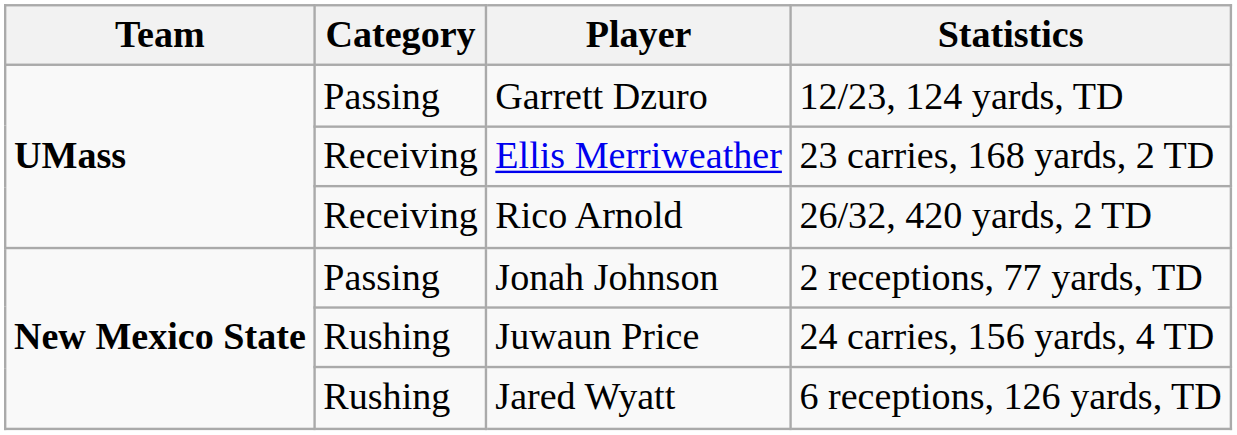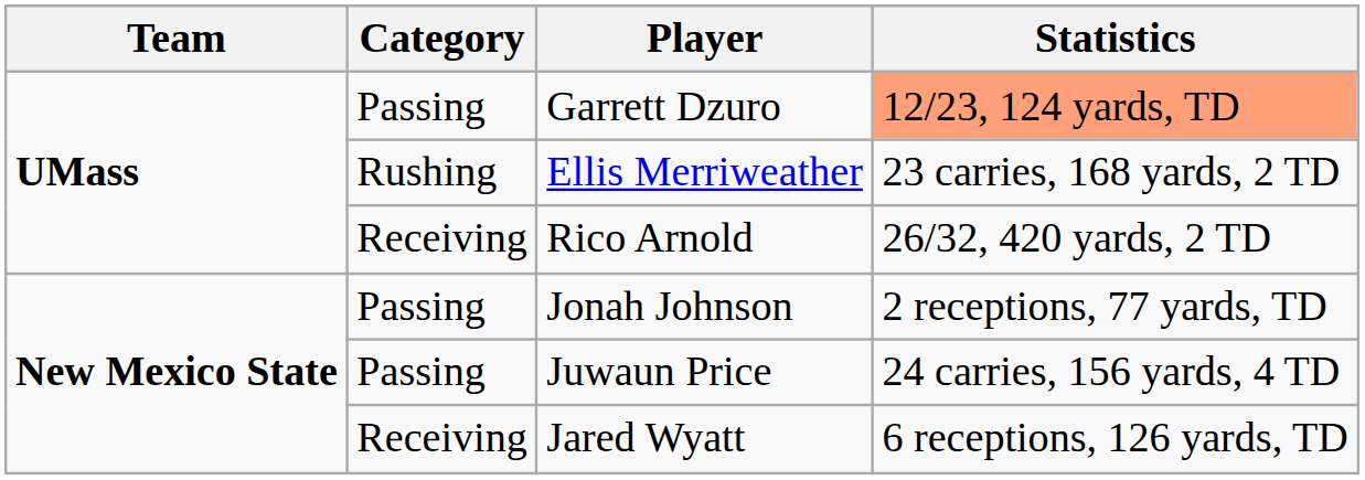 <table class="wikitable" style="float: left;">
 <tr>
 <th>Team</th>
 <th>Category</th>
 <th>Player</th>
 <th>Statistics</th>
 </tr>
 <tr>
 <td rowspan=3><strong>UMass</strong></td>
 <td>Passing</td>
 <td>Garrett Dzuro</td>
-<td>12/23, 124 yards, TD</td>
+<td style="background: lightsalmon;">12/23, 124 yards, TD</td>
 </tr>
 <tr>
-<td>Receiving</td>
+<td>Rushing</td>
 <td><a href='#'>Ellis Merriweather</a></td>
 <td>23 carries, 168 yards, 2 TD</td>
 </tr>
 <tr>
 <td>Receiving</td>
 <td>Rico Arnold</td>
 <td>26/32, 420 yards, 2 TD</td>
 </tr>
 <tr>
 <td rowspan=3><strong>New Mexico State</strong></td>
 <td>Passing</td>
 <td>Jonah Johnson</td>
 <td>2 receptions, 77 yards, TD</td>
 </tr>
 <tr>
-<td>Rushing</td>
+<td>Passing</td>
 <td>Juwaun Price</td>
 <td>24 carries, 156 yards, 4 TD</td>
 </tr>
 <tr>
-<td>Rushing</td>
+<td>Receiving</td>
 <td>Jared Wyatt</td>
 <td>6 receptions, 126 yards, TD</td>
 </tr>
 </table>
